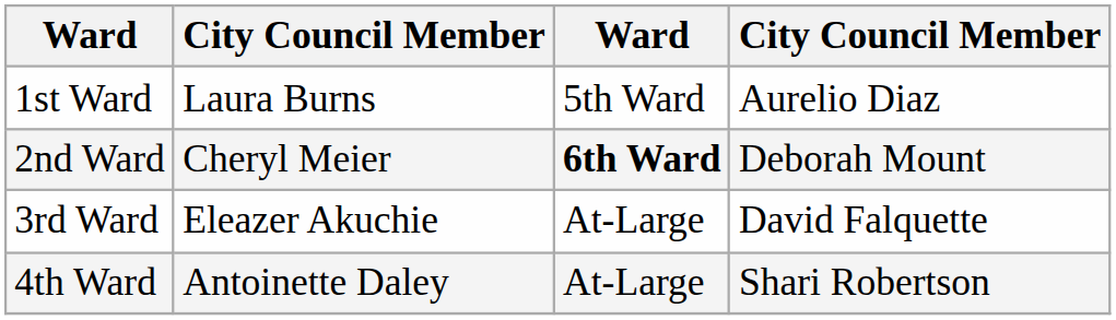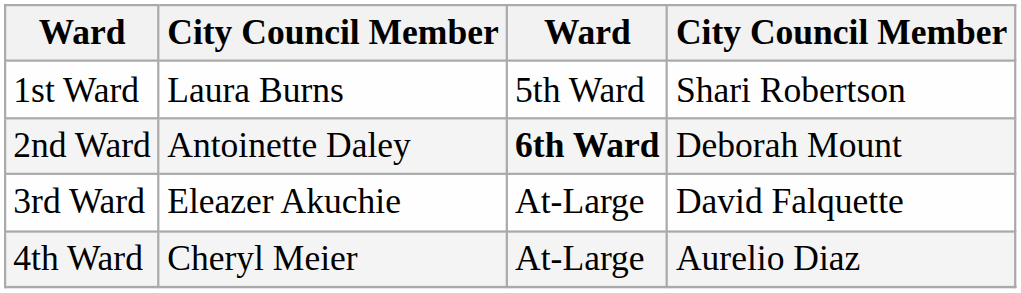 <table class="wikitable">
 <tr>
 <th>Ward</th>
 <th>City Council Member</th>
 <th>Ward</th>
 <th>City Council Member</th>
 </tr>
 <tr style="width:20%; vertial-align:top; text-align:left; background:#fefefe;"|>
 <td>1st Ward</td>
 <td>Laura Burns</td>
 <td>5th Ward</td>
-<td>Aurelio Diaz</td>
+<td>Shari Robertson</td>
 </tr>
 <tr style="width:20%; vertical-align:top; text-align:left; background:#f4f4f4;"|>
 <td>2nd Ward</td>
-<td>Cheryl Meier</td>
+<td>Antoinette Daley</td>
 <td><strong>6th Ward</strong></td>
 <td>Deborah Mount</td>
 </tr>
 <tr style="width:20%; vertical-align:top; text-align:left; background:#fefefe;"|>
 <td>3rd Ward</td>
 <td>Eleazer Akuchie</td>
 <td>At-Large</td>
 <td>David Falquette</td>
 </tr>
 <tr style="width:20%; vertical-align:top; text-align:left; background:#f4f4f4;"|>
 <td>4th Ward</td>
-<td>Antoinette Daley</td>
+<td>Cheryl Meier</td>
 <td>At-Large</td>
-<td>Shari Robertson</td>
+<td>Aurelio Diaz</td>
 </tr>
 <tr>
 </tr>
 </table>
